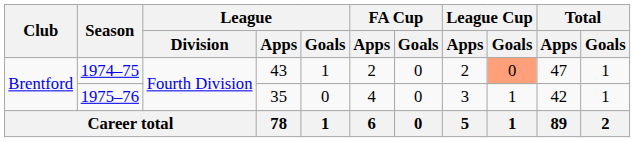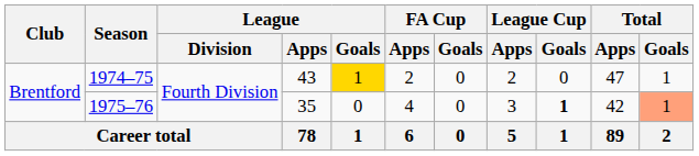 <table class="wikitable" style="text-align: center;">
 <tr>
 <th rowspan="2">Club</th>
 <th rowspan="2">Season</th>
 <th colspan="3">League</th>
 <th colspan="2">FA Cup</th>
 <th colspan="2">League Cup</th>
 <th colspan="2">Total</th>
 </tr>
 <tr>
 <th>Division</th>
 <th>Apps</th>
 <th>Goals</th>
 <th>Apps</th>
 <th>Goals</th>
 <th>Apps</th>
 <th>Goals</th>
 <th>Apps</th>
 <th>Goals</th>
 </tr>
 <tr>
 <td rowspan="2"><a href='#'>Brentford</a></td>
 <td><a href='#'>1974–75</a></td>
 <td rowspan="2"><a href='#'>Fourth Division</a></td>
 <td>43</td>
-<td>1</td>
+<td style="background: gold;">1</td>
 <td>2</td>
 <td>0</td>
 <td>2</td>
-<td style="background: lightsalmon;">0</td>
+<td>0</td>
 <td>47</td>
 <td>1</td>
 </tr>
 <tr>
 <td><a href='#'>1975–76</a></td>
 <td>35</td>
 <td>0</td>
 <td>4</td>
 <td>0</td>
 <td>3</td>
-<td>1</td>
+<td><strong>1</strong></td>
 <td>42</td>
-<td>1</td>
+<td style="background: lightsalmon;">1</td>
 </tr>
 <tr>
 <th colspan="3">Career total</th>
 <th>78</th>
 <th>1</th>
 <th>6</th>
 <th>0</th>
 <th>5</th>
 <th>1</th>
 <th>89</th>
 <th>2</th>
 </tr>
 </table>
